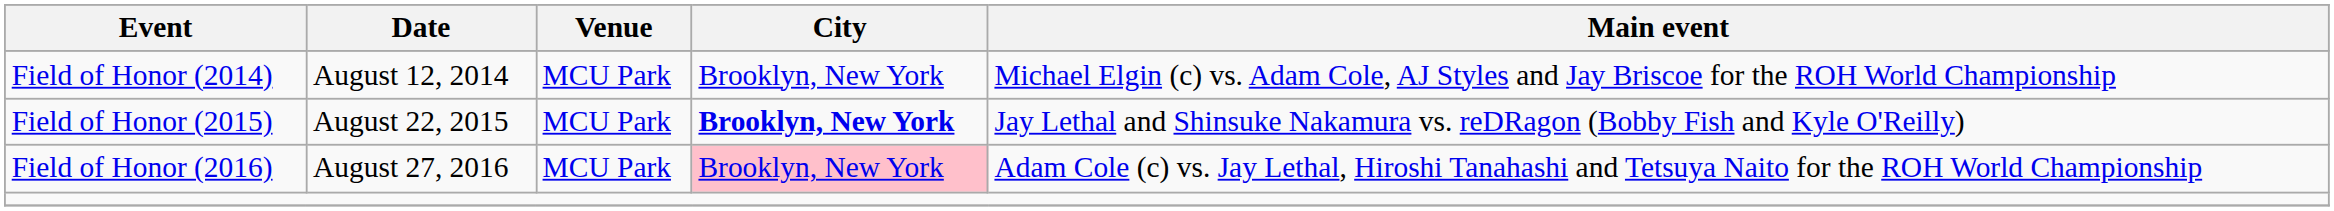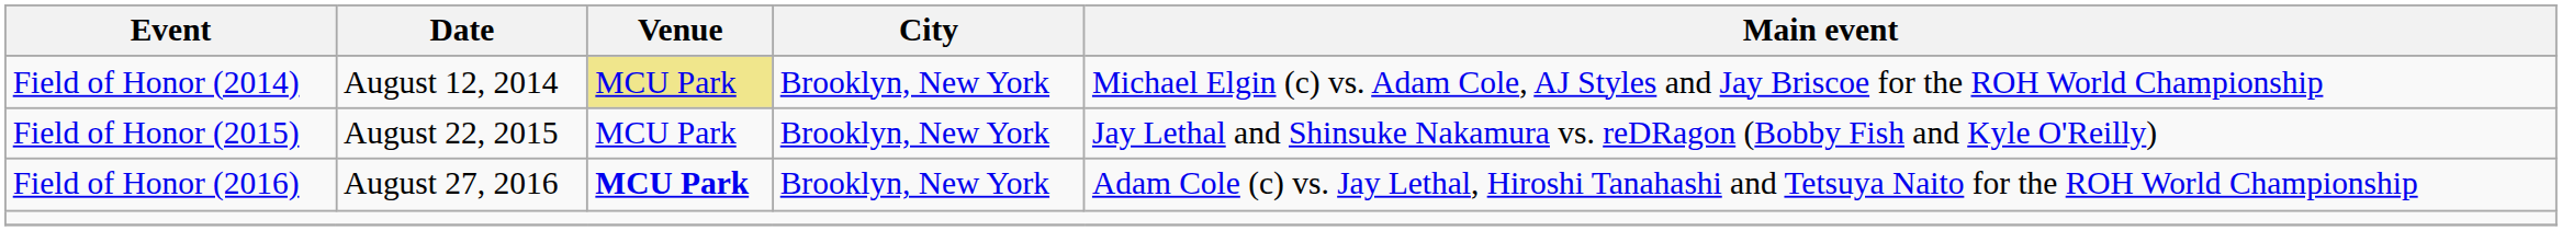 <table class="wikitable" width=100%>
 <tr>
 <th>Event</th>
 <th>Date</th>
 <th>Venue</th>
 <th>City</th>
 <th>Main event</th>
 </tr>
 <tr>
 <td><a href='#'>Field of Honor (2014)</a></td>
 <td>August 12, 2014</td>
-<td><a href='#'>MCU Park</a></td>
+<td style="background: khaki;"><a href='#'>MCU Park</a></td>
 <td><a href='#'>Brooklyn, New York</a></td>
 <td><a href='#'>Michael Elgin</a> (c) vs. <a href='#'>Adam Cole</a>, <a href='#'>AJ Styles</a> and <a href='#'>Jay Briscoe</a> for the <a href='#'>ROH World Championship</a></td>
 </tr>
 <tr>
 <td><a href='#'>Field of Honor (2015)</a></td>
 <td>August 22, 2015</td>
 <td><a href='#'>MCU Park</a></td>
-<td><strong><a href='#'>Brooklyn, New York</a></strong></td>
+<td><a href='#'>Brooklyn, New York</a></td>
 <td><a href='#'>Jay Lethal</a> and <a href='#'>Shinsuke Nakamura</a> vs. <a href='#'>reDRagon</a> (<a href='#'>Bobby Fish</a> and <a href='#'>Kyle O'Reilly</a>)</td>
 </tr>
 <tr>
 <td><a href='#'>Field of Honor (2016)</a></td>
 <td>August 27, 2016</td>
-<td><a href='#'>MCU Park</a></td>
-<td style="background: pink;"><a href='#'>Brooklyn, New York</a></td>
+<td><strong><a href='#'>MCU Park</a></strong></td>
+<td><a href='#'>Brooklyn, New York</a></td>
 <td><a href='#'>Adam Cole</a> (c) vs. <a href='#'>Jay Lethal</a>, <a href='#'>Hiroshi Tanahashi</a> and <a href='#'>Tetsuya Naito</a> for the <a href='#'>ROH World Championship</a></td>
 </tr>
 <tr>
 <td colspan="10"></td>
 </tr>
 <tr>
 </tr>
 </table>
